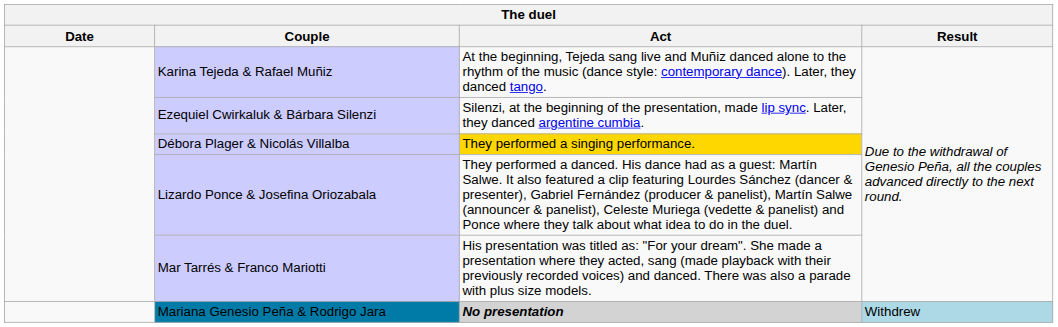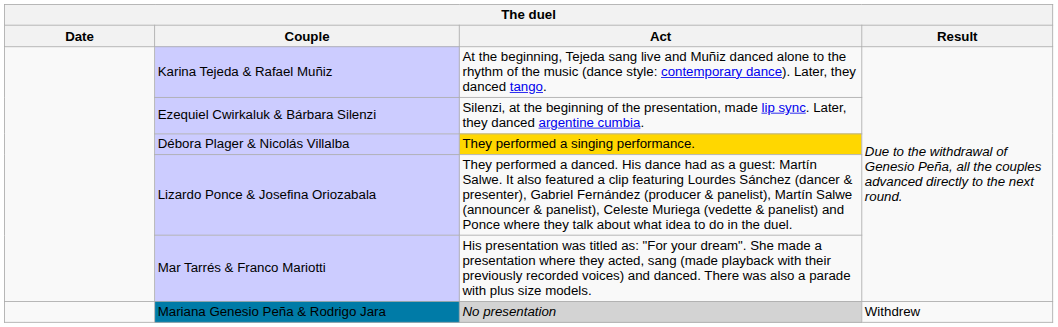 <table class="wikitable collapsible collapsed" style="text-align: align; width: 100%;">
 <tr>
 <th colspan="11" style="with: 100%;" align="center">The duel</th>
 </tr>
 <tr>
 <th width=85>Date</th>
 <th width=180>Couple</th>
 <th width=240>Act</th>
 <th width=110>Result</th>
 </tr>
 <tr>
 <td rowspan="5"></td>
 <td bgcolor="#CCCCFF">Karina Tejeda & Rafael Muñiz</td>
 <td>At the beginning, Tejeda sang live and Muñiz danced alone to the rhythm of the music (dance style: <a href='#'>contemporary dance</a>). Later, they danced <a href='#'>tango</a>.<br></td>
 <td rowspan="5"><em>Due to the withdrawal of Genesio Peña, all the couples advanced directly to the next round.</em></td>
 </tr>
 <tr>
 <td bgcolor="#CCCCFF">Ezequiel Cwirkaluk & Bárbara Silenzi</td>
 <td>Silenzi, at the beginning of the presentation, made <a href='#'>lip sync</a>. Later, they danced <a href='#'>argentine cumbia</a>.<br></td>
 </tr>
 <tr>
 <td bgcolor="#CCCCFF">Débora Plager & Nicolás Villalba</td>
 <td style="background: gold;">They performed a singing performance.<br></td>
 </tr>
 <tr>
 <td bgcolor="#CCCCFF">Lizardo Ponce & Josefina Oriozabala</td>
 <td>They performed a danced. His dance had as a guest: Martín Salwe. It also featured a clip featuring Lourdes Sánchez (dancer & presenter), Gabriel Fernández (producer & panelist), Martín Salwe (announcer & panelist), Celeste Muriega (vedette & panelist) and Ponce where they talk about what idea to do in the duel.<br></td>
 </tr>
 <tr>
 <td bgcolor="#CCCCFF">Mar Tarrés & Franco Mariotti</td>
 <td>His presentation was titled as: "For your dream". She made a presentation where they acted, sang (made playback with their previously recorded voices) and danced. There was also a parade with plus size models.<br></td>
 </tr>
 <tr>
 <td></td>
 <td bgcolor="#007BA7">Mariana Genesio Peña & Rodrigo Jara</td>
-<td bgcolor="lightgrey"><strong><em>No presentation</em></strong></td>
-<td style="background: lightblue;">Withdrew</td>
+<td bgcolor="lightgrey"><em>No presentation</em></td>
+<td>Withdrew</td>
 </tr>
 </table>
